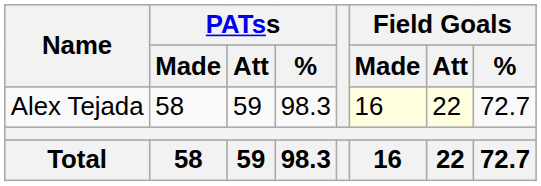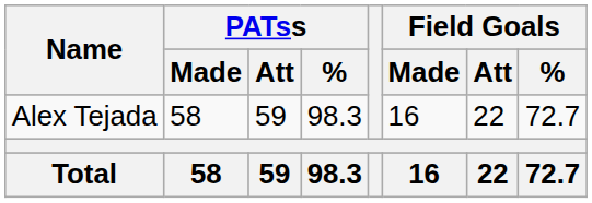 <table class="wikitable" style="white-space:nowrap;" style="text-align:center;">
 <tr>
 <th rowspan=2>Name</th>
 <th colspan=3><a href='#'>PATs</a>s</th>
 <th rowspan=3></th>
 <th colspan=3>Field Goals</th>
 </tr>
 <tr>
 <th>Made</th>
 <th>Att</th>
 <th>%</th>
 <th>Made</th>
 <th>Att</th>
 <th>%</th>
 </tr>
 <tr>
 <td align=left>Alex Tejada</td>
 <td>58</td>
 <td>59</td>
 <td>98.3</td>
-<td style="background: lightyellow;">16</td>
-<td style="background: lightyellow;">22</td>
+<td>16</td>
+<td>22</td>
 <td>72.7</td>
 </tr>
 <tr>
 <th colspan=9></th>
 </tr>
 <tr>
 <th>Total</th>
 <th>58</th>
 <th>59</th>
 <th>98.3</th>
 <th></th>
 <th>16</th>
 <th>22</th>
 <th>72.7</th>
 </tr>
 </table>
